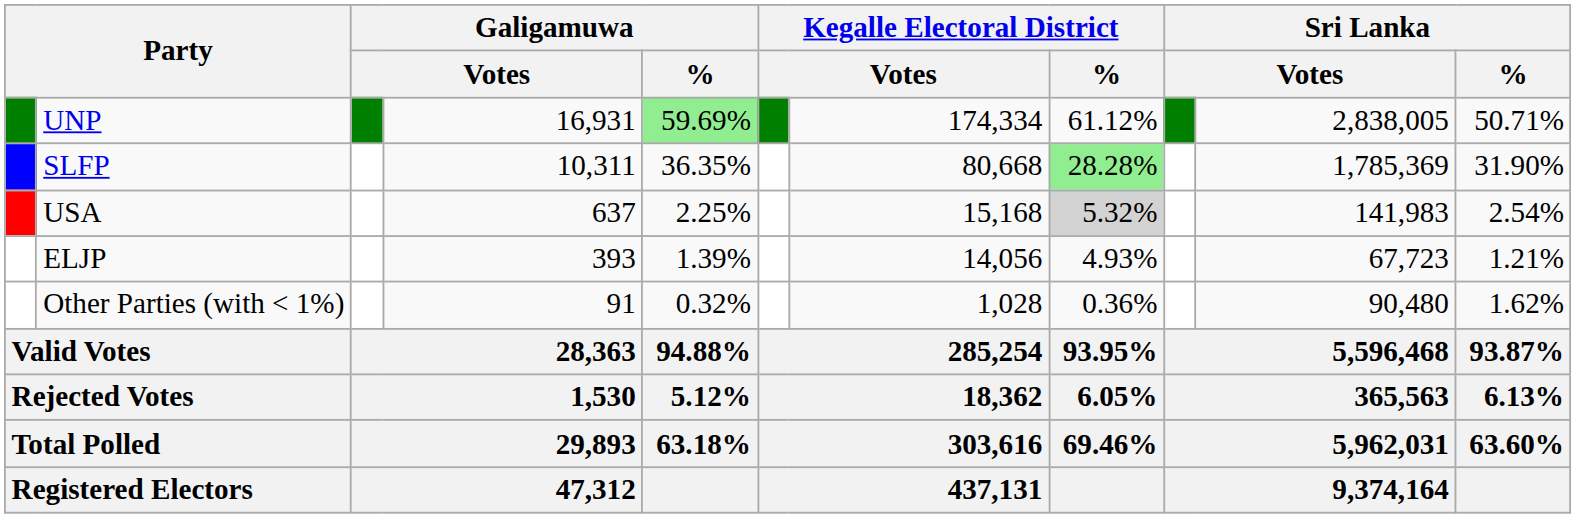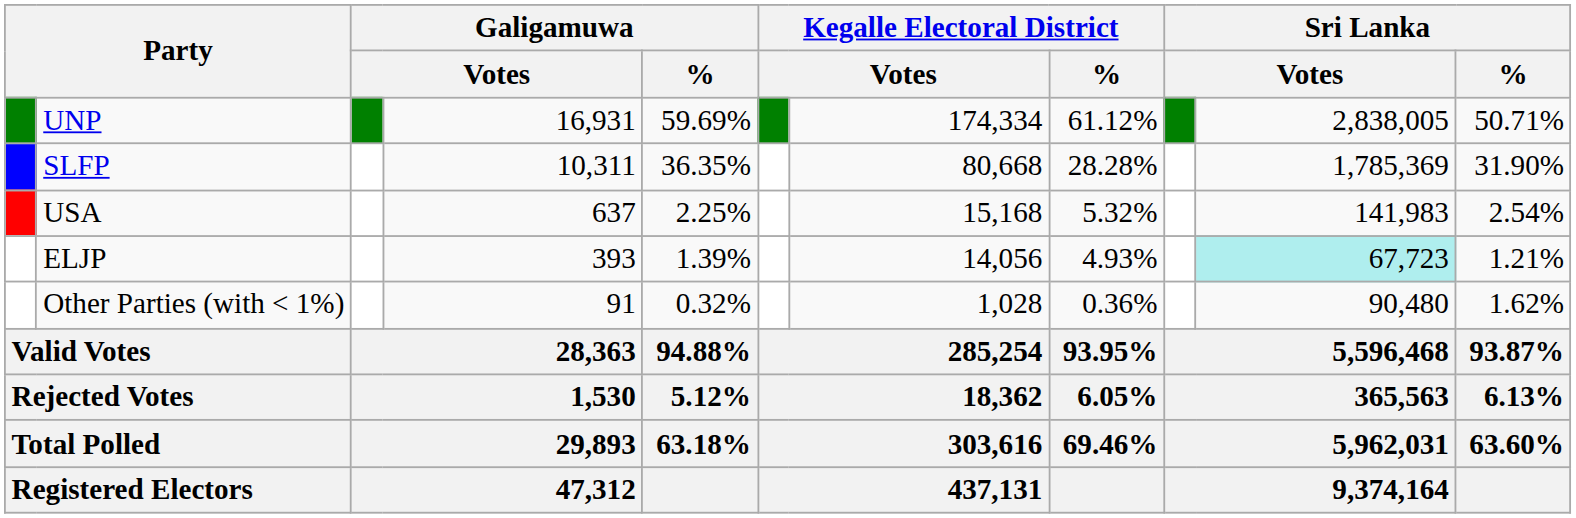 <table class="wikitable">
 <tr>
 <th colspan="2" width="144px"rowspan="2">Party</th>
 <th colspan="3" width="216px">Galigamuwa</th>
 <th colspan="3" width="216px"><a href='#'>Kegalle Electoral District</a></th>
 <th colspan="3" width="216px">Sri Lanka</th>
 </tr>
 <tr>
 <th colspan="2" width="144px">Votes</th>
 <th>%</th>
 <th colspan="2" width="144px">Votes</th>
 <th>%</th>
 <th colspan="2" width="144px">Votes</th>
 <th>%</th>
 </tr>
 <tr>
 <td style="background-color:green;" width="10px"></td>
 <td style="text-align:left;"><a href='#'>UNP</a></td>
 <td style="background-color:green;" width="10px"></td>
 <td style="text-align:right;">16,931</td>
-<td style="background: lightgreen; text-align:right;">59.69%</td>
+<td style="text-align:right;">59.69%</td>
 <td style="background-color:green;" width="10px"></td>
 <td style="text-align:right;">174,334</td>
 <td style="text-align:right;">61.12%</td>
 <td style="background-color:green;" width="10px"></td>
 <td style="text-align:right;">2,838,005</td>
 <td style="text-align:right;">50.71%</td>
 </tr>
 <tr>
 <td style="background-color:blue;" width="10px"></td>
 <td style="text-align:left;"><a href='#'>SLFP</a></td>
 <td style="background-color:white;" width="10px"></td>
 <td style="text-align:right;">10,311</td>
 <td style="text-align:right;">36.35%</td>
 <td style="background-color:white;" width="10px"></td>
 <td style="text-align:right;">80,668</td>
-<td style="background: lightgreen; text-align:right;">28.28%</td>
+<td style="text-align:right;">28.28%</td>
 <td style="background-color:white;" width="10px"></td>
 <td style="text-align:right;">1,785,369</td>
 <td style="text-align:right;">31.90%</td>
 </tr>
 <tr>
 <td style="background-color:red;" width="10px"></td>
 <td style="text-align:left;">USA</td>
 <td style="background-color:white;" width="10px"></td>
 <td style="text-align:right;">637</td>
 <td style="text-align:right;">2.25%</td>
 <td style="background-color:white;" width="10px"></td>
 <td style="text-align:right;">15,168</td>
-<td style="background: lightgrey; text-align:right;">5.32%</td>
+<td style="text-align:right;">5.32%</td>
 <td style="background-color:white;" width="10px"></td>
 <td style="text-align:right;">141,983</td>
 <td style="text-align:right;">2.54%</td>
 </tr>
 <tr>
 <td style="background-color:white;" width="10px"></td>
 <td style="text-align:left;">ELJP</td>
 <td style="background-color:white;" width="10px"></td>
 <td style="text-align:right;">393</td>
 <td style="text-align:right;">1.39%</td>
 <td style="background-color:white;" width="10px"></td>
 <td style="text-align:right;">14,056</td>
 <td style="text-align:right;">4.93%</td>
 <td style="background-color:white;" width="10px"></td>
-<td style="text-align:right;">67,723</td>
+<td style="background: paleturquoise; text-align:right;">67,723</td>
 <td style="text-align:right;">1.21%</td>
 </tr>
 <tr>
 <td style="background-color:white;" width="10px"></td>
 <td style="text-align:left;">Other Parties (with < 1%)</td>
 <td style="background-color:white;" width="10px"></td>
 <td style="text-align:right;">91</td>
 <td style="text-align:right;">0.32%</td>
 <td style="background-color:white;" width="10px"></td>
 <td style="text-align:right;">1,028</td>
 <td style="text-align:right;">0.36%</td>
 <td style="background-color:white;" width="10px"></td>
 <td style="text-align:right;">90,480</td>
 <td style="text-align:right;">1.62%</td>
 </tr>
 <tr>
 <th colspan="2" width="144px"style="text-align:left;">Valid Votes</th>
 <th style="text-align:right;"colspan="2" width="144px">28,363</th>
 <th style="text-align:right;">94.88%</th>
 <th style="text-align:right;"colspan="2" width="144px">285,254</th>
 <th style="text-align:right;">93.95%</th>
 <th style="text-align:right;"colspan="2" width="144px">5,596,468</th>
 <th style="text-align:right;">93.87%</th>
 </tr>
 <tr>
 <th colspan="2" width="144px"style="text-align:left;">Rejected Votes</th>
 <th style="text-align:right;"colspan="2" width="144px">1,530</th>
 <th style="text-align:right;">5.12%</th>
 <th style="text-align:right;"colspan="2" width="144px">18,362</th>
 <th style="text-align:right;">6.05%</th>
 <th style="text-align:right;"colspan="2" width="144px">365,563</th>
 <th style="text-align:right;">6.13%</th>
 </tr>
 <tr>
 <th colspan="2" width="144px"style="text-align:left;">Total Polled</th>
 <th style="text-align:right;"colspan="2" width="144px">29,893</th>
 <th style="text-align:right;">63.18%</th>
 <th style="text-align:right;"colspan="2" width="144px">303,616</th>
 <th style="text-align:right;">69.46%</th>
 <th style="text-align:right;"colspan="2" width="144px">5,962,031</th>
 <th style="text-align:right;">63.60%</th>
 </tr>
 <tr>
 <th colspan="2" width="144px"style="text-align:left;">Registered Electors</th>
 <th style="text-align:right;"colspan="2" width="144px">47,312</th>
 <th></th>
 <th style="text-align:right;"colspan="2" width="144px">437,131</th>
 <th></th>
 <th style="text-align:right;"colspan="2" width="144px">9,374,164</th>
 <th></th>
 </tr>
 </table>
